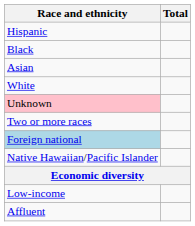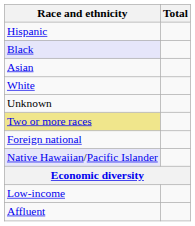 <table class="wikitable floatright sortable collapsible"; text-align:right; font-size:80%;">
 <tr>
 <th>Race and ethnicity</th>
 <th colspan="2" data-sort-type=number>Total</th>
 </tr>
 <tr>
 <td><a href='#'>Hispanic</a></td>
 <td align=right></td>
 </tr>
 <tr>
-<td><a href='#'>Black</a></td>
+<td style="background: lavender;"><a href='#'>Black</a></td>
 <td align=right></td>
 </tr>
 <tr>
 <td><a href='#'>Asian</a></td>
 <td align=right></td>
 </tr>
 <tr>
 <td><a href='#'>White</a></td>
 <td align=right></td>
 </tr>
 <tr>
-<td style="background: pink;">Unknown</td>
+<td>Unknown</td>
 <td align=right></td>
 </tr>
 <tr>
-<td><a href='#'>Two or more races</a></td>
+<td style="background: khaki;"><a href='#'>Two or more races</a></td>
 <td align=right></td>
 </tr>
 <tr>
-<td style="background: lightblue;"><a href='#'>Foreign national</a></td>
+<td><a href='#'>Foreign national</a></td>
 <td align=right></td>
 </tr>
 <tr>
-<td><a href='#'>Native Hawaiian</a>/<a href='#'>Pacific Islander</a></td>
+<td style="background: lavender;"><a href='#'>Native Hawaiian</a>/<a href='#'>Pacific Islander</a></td>
 <td align=right></td>
 </tr>
 <tr>
 <th colspan="4" data-sort-type=number><a href='#'>Economic diversity</a></th>
 </tr>
 <tr>
 <td><a href='#'>Low-income</a></td>
 <td align=right></td>
 </tr>
 <tr>
 <td><a href='#'>Affluent</a></td>
 <td align=right></td>
 </tr>
 </table>
